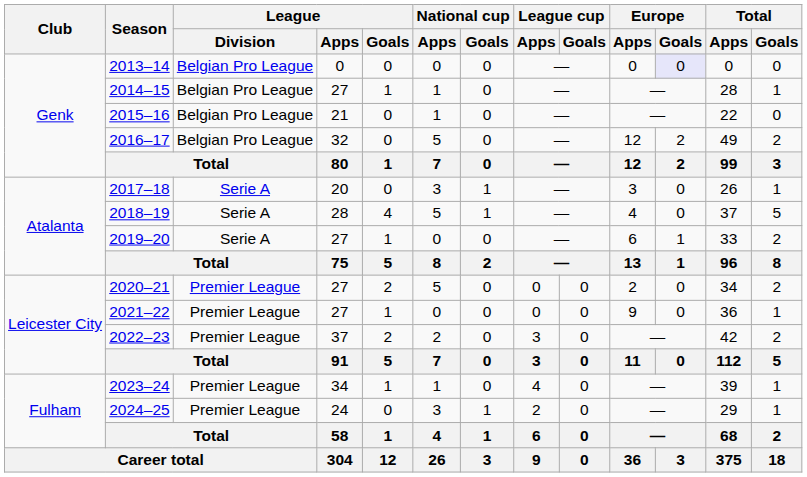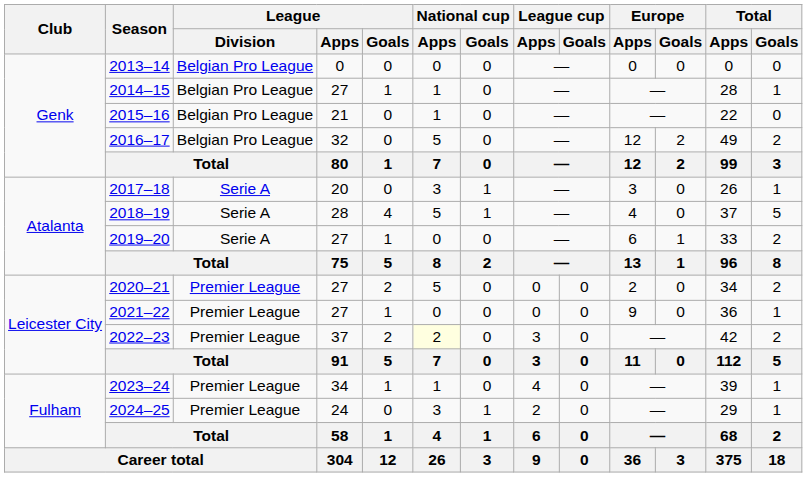 <table class="wikitable" style="text-align: center;">
 <tr>
 <th rowspan="2">Club</th>
 <th rowspan="2">Season</th>
 <th colspan="3">League</th>
 <th colspan="2">National cup</th>
 <th colspan="2">League cup</th>
 <th colspan="2">Europe</th>
 <th colspan="2">Total</th>
 </tr>
 <tr>
 <th>Division</th>
 <th>Apps</th>
 <th>Goals</th>
 <th>Apps</th>
 <th>Goals</th>
 <th>Apps</th>
 <th>Goals</th>
 <th>Apps</th>
 <th>Goals</th>
 <th>Apps</th>
 <th>Goals</th>
 </tr>
 <tr>
 <td rowspan="5"><a href='#'>Genk</a></td>
 <td><a href='#'>2013–14</a></td>
 <td><a href='#'>Belgian Pro League</a></td>
 <td>0</td>
 <td>0</td>
 <td>0</td>
 <td>0</td>
 <td colspan="2">—</td>
 <td>0</td>
-<td style="background: lavender;">0</td>
+<td>0</td>
 <td>0</td>
 <td>0</td>
 </tr>
 <tr>
 <td><a href='#'>2014–15</a></td>
 <td>Belgian Pro League</td>
 <td>27</td>
 <td>1</td>
 <td>1</td>
 <td>0</td>
 <td colspan="2">—</td>
 <td colspan="2">—</td>
 <td>28</td>
 <td>1</td>
 </tr>
 <tr>
 <td><a href='#'>2015–16</a></td>
 <td>Belgian Pro League</td>
 <td>21</td>
 <td>0</td>
 <td>1</td>
 <td>0</td>
 <td colspan="2">—</td>
 <td colspan="2">—</td>
 <td>22</td>
 <td>0</td>
 </tr>
 <tr>
 <td><a href='#'>2016–17</a></td>
 <td>Belgian Pro League</td>
 <td>32</td>
 <td>0</td>
 <td>5</td>
 <td>0</td>
 <td colspan="2">—</td>
 <td>12</td>
 <td>2</td>
 <td>49</td>
 <td>2</td>
 </tr>
 <tr>
 <th colspan="2">Total</th>
 <th>80</th>
 <th>1</th>
 <th>7</th>
 <th>0</th>
 <th colspan="2">—</th>
 <th>12</th>
 <th>2</th>
 <th>99</th>
 <th>3</th>
 </tr>
 <tr>
 <td rowspan="4"><a href='#'>Atalanta</a></td>
 <td><a href='#'>2017–18</a></td>
 <td><a href='#'>Serie A</a></td>
 <td>20</td>
 <td>0</td>
 <td>3</td>
 <td>1</td>
 <td colspan="2">—</td>
 <td>3</td>
 <td>0</td>
 <td>26</td>
 <td>1</td>
 </tr>
 <tr>
 <td><a href='#'>2018–19</a></td>
 <td>Serie A</td>
 <td>28</td>
 <td>4</td>
 <td>5</td>
 <td>1</td>
 <td colspan="2">—</td>
 <td>4</td>
 <td>0</td>
 <td>37</td>
 <td>5</td>
 </tr>
 <tr>
 <td><a href='#'>2019–20</a></td>
 <td>Serie A</td>
 <td>27</td>
 <td>1</td>
 <td>0</td>
 <td>0</td>
 <td colspan="2">—</td>
 <td>6</td>
 <td>1</td>
 <td>33</td>
 <td>2</td>
 </tr>
 <tr>
 <th colspan="2">Total</th>
 <th>75</th>
 <th>5</th>
 <th>8</th>
 <th>2</th>
 <th colspan="2">—</th>
 <th>13</th>
 <th>1</th>
 <th>96</th>
 <th>8</th>
 </tr>
 <tr>
 <td rowspan="4"><a href='#'>Leicester City</a></td>
 <td><a href='#'>2020–21</a></td>
 <td><a href='#'>Premier League</a></td>
 <td>27</td>
 <td>2</td>
 <td>5</td>
 <td>0</td>
 <td>0</td>
 <td>0</td>
 <td>2</td>
 <td>0</td>
 <td>34</td>
 <td>2</td>
 </tr>
 <tr>
 <td><a href='#'>2021–22</a></td>
 <td>Premier League</td>
 <td>27</td>
 <td>1</td>
 <td>0</td>
 <td>0</td>
 <td>0</td>
 <td>0</td>
 <td>9</td>
 <td>0</td>
 <td>36</td>
 <td>1</td>
 </tr>
 <tr>
 <td><a href='#'>2022–23</a></td>
 <td>Premier League</td>
 <td>37</td>
 <td>2</td>
-<td>2</td>
+<td style="background: lightyellow;">2</td>
 <td>0</td>
 <td>3</td>
 <td>0</td>
 <td colspan="2">—</td>
 <td>42</td>
 <td>2</td>
 </tr>
 <tr>
 <th colspan="2">Total</th>
 <th>91</th>
 <th>5</th>
 <th>7</th>
 <th>0</th>
 <th>3</th>
 <th>0</th>
 <th>11</th>
 <th>0</th>
 <th>112</th>
 <th>5</th>
 </tr>
 <tr>
 <td rowspan="3"><a href='#'>Fulham</a></td>
 <td><a href='#'>2023–24</a></td>
 <td>Premier League</td>
 <td>34</td>
 <td>1</td>
 <td>1</td>
 <td>0</td>
 <td>4</td>
 <td>0</td>
 <td colspan="2">—</td>
 <td>39</td>
 <td>1</td>
 </tr>
 <tr>
 <td><a href='#'>2024–25</a></td>
 <td>Premier League</td>
 <td>24</td>
 <td>0</td>
 <td>3</td>
 <td>1</td>
 <td>2</td>
 <td>0</td>
 <td colspan="2">—</td>
 <td>29</td>
 <td>1</td>
 </tr>
 <tr>
 <th colspan="2">Total</th>
 <th>58</th>
 <th>1</th>
 <th>4</th>
 <th>1</th>
 <th>6</th>
 <th>0</th>
 <th colspan="2">—</th>
 <th>68</th>
 <th>2</th>
 </tr>
 <tr>
 <th colspan="3">Career total</th>
 <th>304</th>
 <th>12</th>
 <th>26</th>
 <th>3</th>
 <th>9</th>
 <th>0</th>
 <th>36</th>
 <th>3</th>
 <th>375</th>
 <th>18</th>
 </tr>
 </table>
